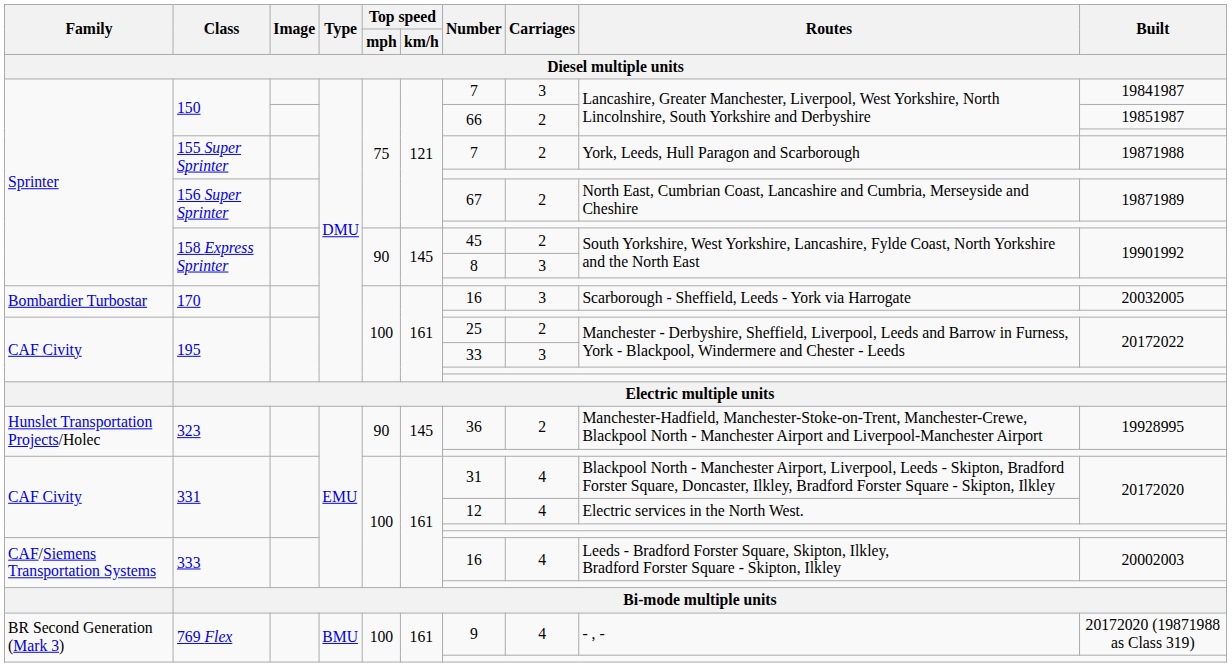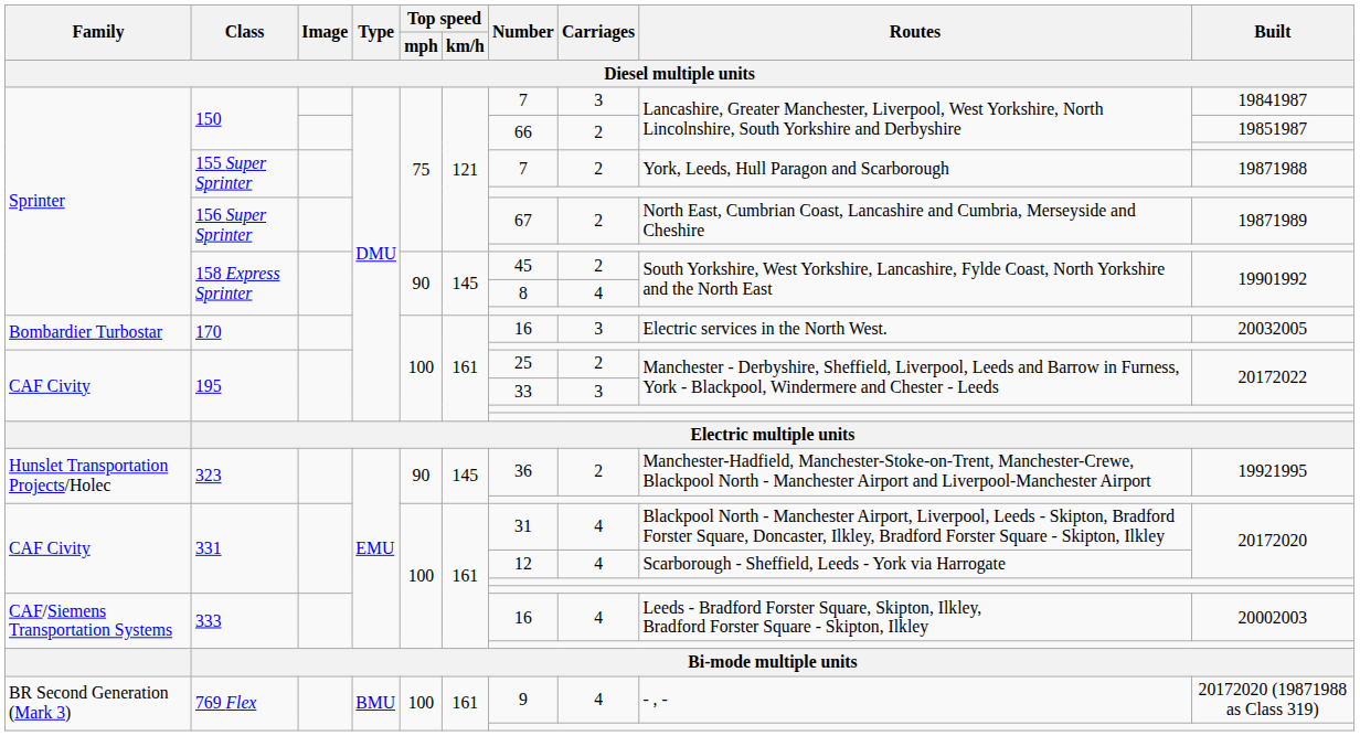 <table class="wikitable">
 <tr style="background:#f9f9f9;">
 <th rowspan="2">Family</th>
 <th rowspan="2">Class</th>
 <th rowspan="2">Image</th>
 <th rowspan="2">Type</th>
 <th colspan="2">Top speed</th>
 <th rowspan="2">Number</th>
 <th rowspan="2">Carriages</th>
 <th rowspan="2">Routes</th>
 <th rowspan="2">Built</th>
 </tr>
 <tr style="background:#f9f9f9;">
 <th>mph</th>
 <th>km/h</th>
 </tr>
 <tr>
 <th colspan="10">Diesel multiple units</th>
 </tr>
 <tr>
 <td rowspan="10"><a href='#'>Sprinter</a></td>
 <td rowspan="3"><a href='#'>150</a></td>
 <td></td>
 <td rowspan="16"><a href='#'>DMU</a></td>
 <td rowspan="7" style="text-align:center;">75</td>
 <td rowspan="7" style="text-align:center;">121</td>
 <td style="text-align:center;">7</td>
 <td style="text-align:center;">3</td>
 <td rowspan="3">Lancashire, Greater Manchester, Liverpool, West Yorkshire, North Lincolnshire, South Yorkshire and Derbyshire</td>
 <td style="text-align:center;">19841987</td>
 </tr>
 <tr>
 <td rowspan="2"></td>
 <td rowspan="2" style="text-align:center;">66</td>
 <td rowspan="2" style="text-align:center;">2</td>
 <td style="text-align:center;">19851987</td>
 </tr>
 <tr>
 <td style="text-align:center;"></td>
 </tr>
 <tr>
 <td rowspan="2"><a href='#'>155 <em>Super Sprinter</em></a></td>
 <td rowspan="2"></td>
 <td style="text-align:center;">7</td>
 <td style="text-align:center;">2</td>
 <td>York, Leeds, Hull Paragon and Scarborough</td>
 <td style="text-align:center;">19871988</td>
 </tr>
 <tr>
 <td colspan="4"></td>
 </tr>
 <tr>
 <td rowspan="2"><a href='#'>156 <em>Super Sprinter</em></a></td>
 <td rowspan="2"></td>
 <td style="text-align:center;">67</td>
 <td style="text-align:center;">2</td>
 <td>North East, Cumbrian Coast, Lancashire and Cumbria, Merseyside and Cheshire</td>
 <td style="text-align:center;">19871989</td>
 </tr>
 <tr>
 <td colspan="4"></td>
 </tr>
 <tr>
 <td rowspan="3"><a href='#'>158 <em>Express Sprinter</em></a></td>
 <td rowspan="3"></td>
 <td rowspan="3" style="text-align:center;">90</td>
 <td rowspan="3" style="text-align:center;">145</td>
 <td style="text-align:center;">45</td>
 <td rowspan="1" style="text-align:center;">2</td>
 <td rowspan="2">South Yorkshire, West Yorkshire, Lancashire, Fylde Coast, North Yorkshire and the North East</td>
 <td rowspan="2" style="text-align:center;">19901992</td>
 </tr>
 <tr>
 <td style="text-align:center;">8</td>
-<td style="text-align:center;">3</td>
+<td style="text-align:center;">4</td>
 </tr>
 <tr>
 <td colspan="4"></td>
 </tr>
 <tr>
 <td rowspan="2"><a href='#'>Bombardier Turbostar</a></td>
 <td rowspan="2"><a href='#'>170</a></td>
 <td rowspan="2"></td>
 <td rowspan="6" style="text-align:center;">100</td>
 <td rowspan="6" style="text-align:center;">161</td>
 <td style="text-align:center;">16</td>
 <td style="text-align:center;">3</td>
-<td>Scarborough - Sheffield, Leeds - York via Harrogate</td>
+<td>Electric services in the North West.</td>
 <td style="text-align:center;">20032005</td>
 </tr>
 <tr>
 <td colspan="4"></td>
 </tr>
 <tr>
 <td rowspan="4"><a href='#'>CAF Civity</a></td>
 <td rowspan="4"><a href='#'>195</a></td>
 <td rowspan="4"></td>
 <td rowspan=1 style="text-align:center;">25</td>
 <td rowspan=1 style="text-align:center;">2</td>
 <td rowspan=2>Manchester - Derbyshire, Sheffield, Liverpool, Leeds and Barrow in Furness, York - Blackpool, Windermere and Chester - Leeds</td>
 <td rowspan="2" style="text-align:center;">20172022</td>
 </tr>
 <tr>
 <td style="text-align:center;">33</td>
 <td style="text-align:center;">3</td>
 </tr>
 <tr>
 <td colspan="4"></td>
 </tr>
 <tr>
 <td colspan="4"></td>
 </tr>
 <tr>
 <th></th>
 <th colspan="9">Electric multiple units</th>
 </tr>
 <tr>
 <td rowspan="2"><a href='#'>Hunslet Transportation Projects</a>/Holec</td>
 <td rowspan="2"><a href='#'>323</a></td>
 <td rowspan="2" style="text-align:center;"></td>
 <td rowspan="8"><a href='#'>EMU</a></td>
 <td rowspan="2" style="text-align:center;">90</td>
 <td rowspan="2" style="text-align:center;">145</td>
 <td style="text-align:center;">36</td>
 <td style="text-align:center;">2</td>
 <td>Manchester-Hadfield, Manchester-Stoke-on-Trent, Manchester-Crewe, Blackpool North - Manchester Airport and Liverpool-Manchester Airport</td>
-<td style="text-align:center;">19928995</td>
+<td style="text-align:center;">19921995</td>
 </tr>
 <tr>
 <td colspan="4"></td>
 </tr>
 <tr>
 <td rowspan="4"><a href='#'>CAF Civity</a></td>
 <td rowspan="4"><a href='#'>331</a></td>
 <td rowspan="4"></td>
 <td rowspan="6" style="text-align:center;">100</td>
 <td rowspan="6" style="text-align:center;">161</td>
 <td rowspan="1" style="text-align:center;">31</td>
 <td rowspan="1" style="text-align:center;">4</td>
 <td>Blackpool North - Manchester Airport, Liverpool, Leeds - Skipton, Bradford Forster Square, Doncaster, Ilkley, Bradford Forster Square - Skipton, Ilkley</td>
 <td rowspan="2" style="text-align:center;">20172020</td>
 </tr>
 <tr>
 <td style="text-align:center;">12</td>
 <td style="text-align:center;">4</td>
-<td>Electric services in the North West.</td>
+<td>Scarborough - Sheffield, Leeds - York via Harrogate</td>
 </tr>
 <tr>
 <td colspan="4"></td>
 </tr>
 <tr>
 <td colspan="4"></td>
 </tr>
 <tr>
 <td rowspan="2"><a href='#'>CAF</a>/<a href='#'>Siemens Transportation Systems</a></td>
 <td rowspan="2"><a href='#'>333</a></td>
 <td rowspan="2"></td>
 <td style="text-align:center;">16</td>
 <td style="text-align:center;">4</td>
 <td>Leeds - Bradford Forster Square, Skipton, Ilkley,<br>Bradford Forster Square - Skipton, Ilkley</td>
 <td style="text-align:center;">20002003</td>
 </tr>
 <tr>
 <td colspan="4"></td>
 </tr>
 <tr>
 <th></th>
 <th colspan="9"><strong>Bi-mode multiple units</strong></th>
 </tr>
 <tr>
 <td rowspan="2">BR Second Generation (<a href='#'>Mark 3</a>)</td>
 <td rowspan="2"><a href='#'>769 <em>Flex</em></a></td>
 <td rowspan="2"></td>
 <td rowspan="2"><a href='#'>BMU</a></td>
 <td rowspan="2" style="text-align:center;">100</td>
 <td rowspan="2" style="text-align:center;">161</td>
 <td style="text-align:center;">9</td>
 <td style="text-align:center;">4</td>
 <td> - , -</td>
 <td style="text-align:center;">20172020 (19871988 as Class 319)</td>
 </tr>
 <tr>
 <td colspan="4"></td>
 </tr>
 </table>
